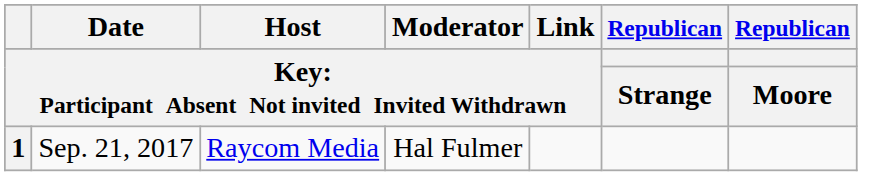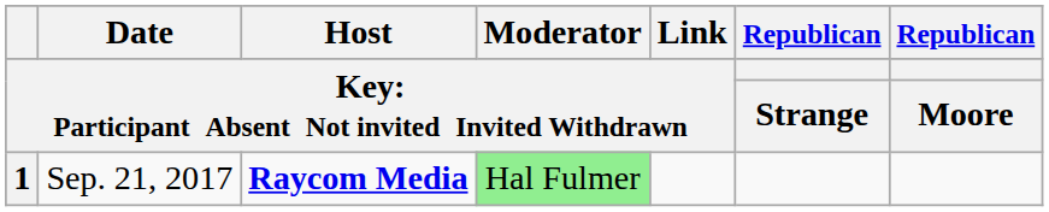 <table class="wikitable" style="text-align:center;">
 <tr>
 <th scope="col"></th>
 <th scope="col">Date</th>
 <th scope="col">Host</th>
 <th scope="col">Moderator</th>
 <th scope="col">Link</th>
 <th scope="col"><small><a href='#'>Republican</a></small></th>
 <th scope="col"><small><a href='#'>Republican</a></small></th>
 </tr>
 <tr>
 <th colspan="5" rowspan="2">Key:<br> <small>Participant </small>  <small>Absent </small>  <small>Not invited </small>  <small>Invited  Withdrawn</small></th>
 <th scope="col" style="background:"></th>
 <th scope="col" style="background:"></th>
 </tr>
 <tr>
 <th scope="col">Strange</th>
 <th scope="col">Moore</th>
 </tr>
 <tr>
 <th>1</th>
 <td style="white-space:nowrap;">Sep. 21, 2017</td>
-<td style="white-space:nowrap;"><a href='#'>Raycom Media</a></td>
-<td style="white-space:nowrap;">Hal Fulmer</td>
+<td style="white-space:nowrap;"><strong><a href='#'>Raycom Media</a></strong></td>
+<td style="background: lightgreen; white-space:nowrap;">Hal Fulmer</td>
 <td style="white-space:nowrap;"></td>
 <td></td>
 <td></td>
 </tr>
 </table>
